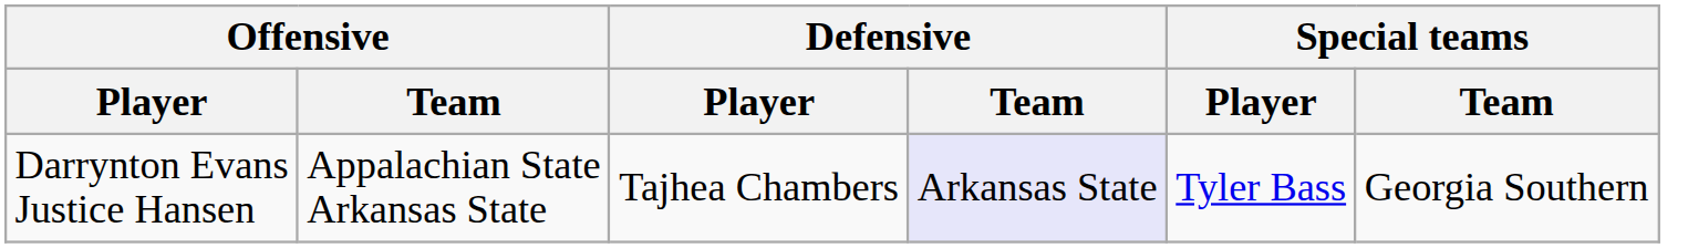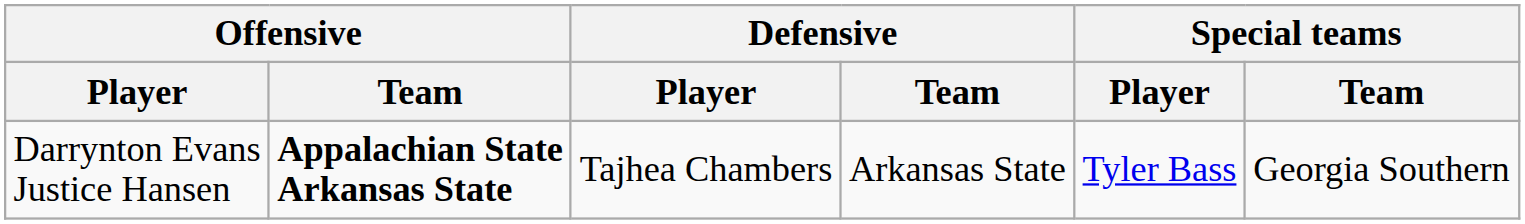 <table class="wikitable">
 <tr>
 <th colspan="2">Offensive</th>
 <th colspan="2">Defensive</th>
 <th colspan="2">Special teams</th>
 </tr>
 <tr>
 <th>Player</th>
 <th>Team</th>
 <th>Player</th>
 <th>Team</th>
 <th>Player</th>
 <th>Team</th>
 </tr>
 <tr>
 <td>Darrynton Evans<br>Justice Hansen</td>
-<td>Appalachian State<br>Arkansas State</td>
+<td><strong>Appalachian State<br>Arkansas State</strong></td>
 <td>Tajhea Chambers</td>
-<td style="background: lavender;">Arkansas State</td>
+<td>Arkansas State</td>
 <td><a href='#'>Tyler Bass</a></td>
 <td>Georgia Southern</td>
 </tr>
 </table>
